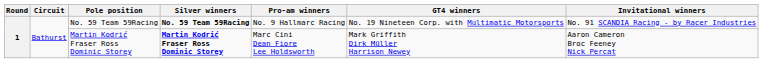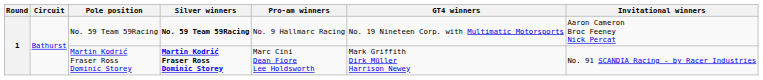 <table class="wikitable" style="font-size: 85%;">
 <tr>
 <th>Round</th>
 <th>Circuit</th>
 <th>Pole position</th>
 <th>Silver winners</th>
 <th>Pro-am winners</th>
 <th>GT4 winners</th>
 <th>Invitational winners</th>
 </tr>
 <tr>
 <th rowspan=2>1</th>
 <td rowspan=2> <a href='#'>Bathurst</a></td>
 <td> No. 59 Team 59Racing</td>
 <td><strong> No. 59 Team 59Racing</strong></td>
 <td> No. 9 Hallmarc Racing</td>
 <td> No. 19 Nineteen Corp. with <a href='#'>Multimatic Motorsports</a></td>
-<td> No. 91 <a href='#'>SCANDIA Racing - by Racer Industries</a></td>
+<td> Aaron Cameron<br> Broc Feeney<br> <a href='#'>Nick Percat</a></td>
 </tr>
 <tr>
 <td> <a href='#'>Martin Kodrić</a><br> Fraser Ross<br> <a href='#'>Dominic Storey</a></td>
 <td><strong> <a href='#'>Martin Kodrić</a><br> Fraser Ross<br> <a href='#'>Dominic Storey</a></strong></td>
 <td> Marc Cini<br> <a href='#'>Dean Fiore</a><br> <a href='#'>Lee Holdsworth</a></td>
 <td> Mark Griffith<br> <a href='#'>Dirk Müller</a><br> <a href='#'>Harrison Newey</a></td>
-<td> Aaron Cameron<br> Broc Feeney<br> <a href='#'>Nick Percat</a></td>
+<td> No. 91 <a href='#'>SCANDIA Racing - by Racer Industries</a></td>
 </tr>
 </table>
